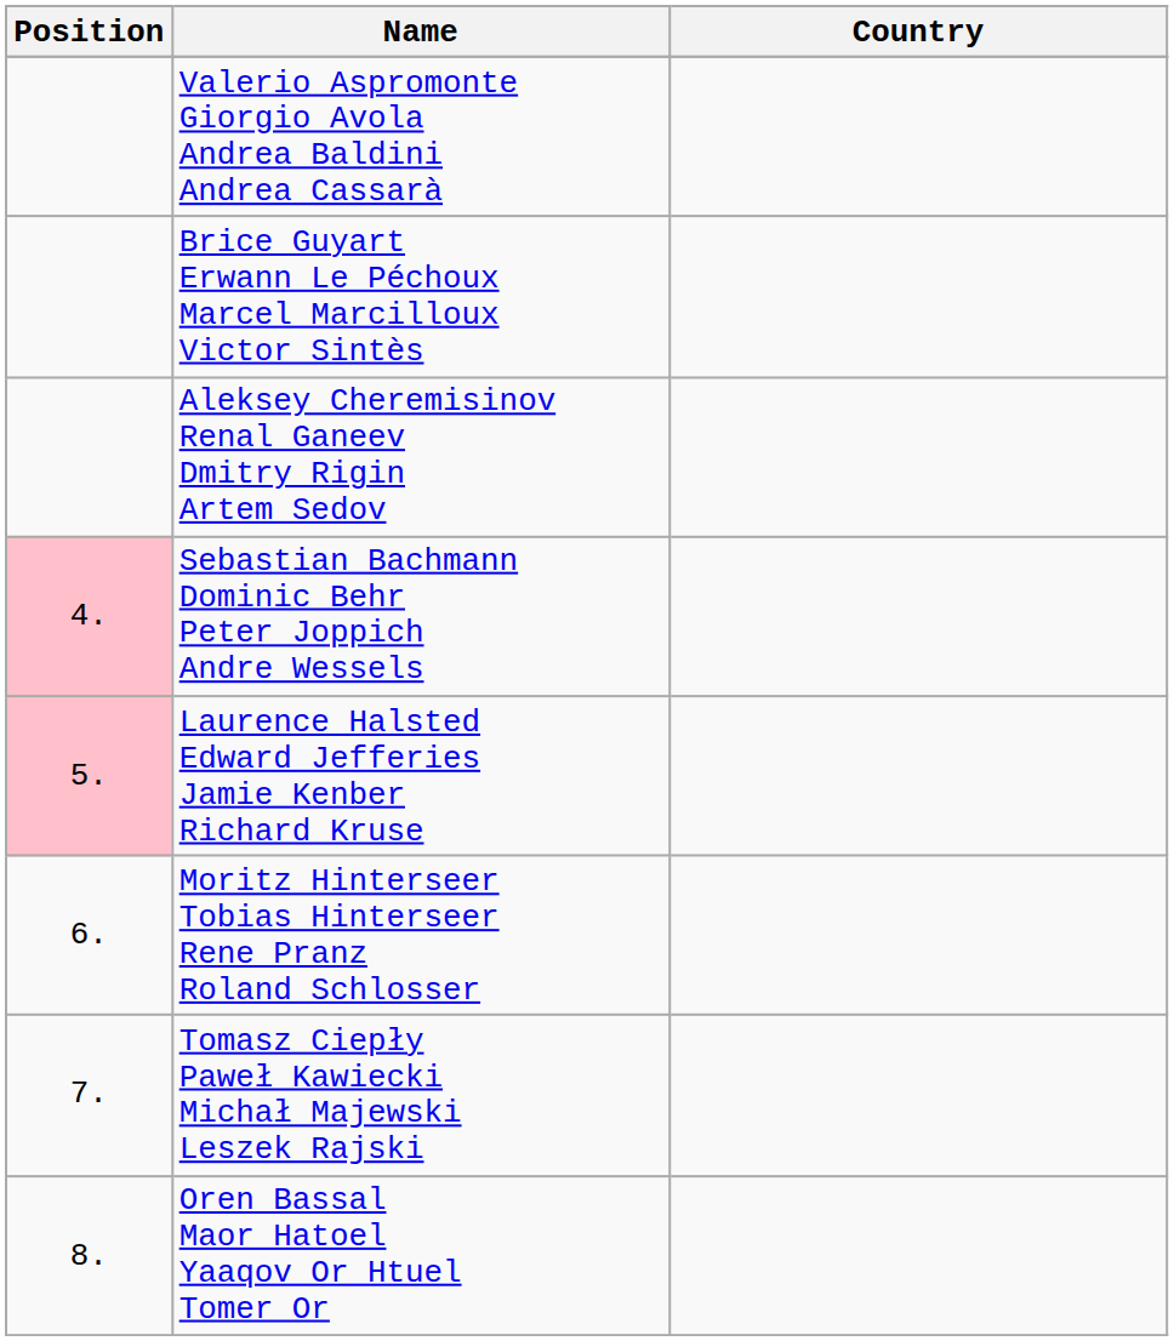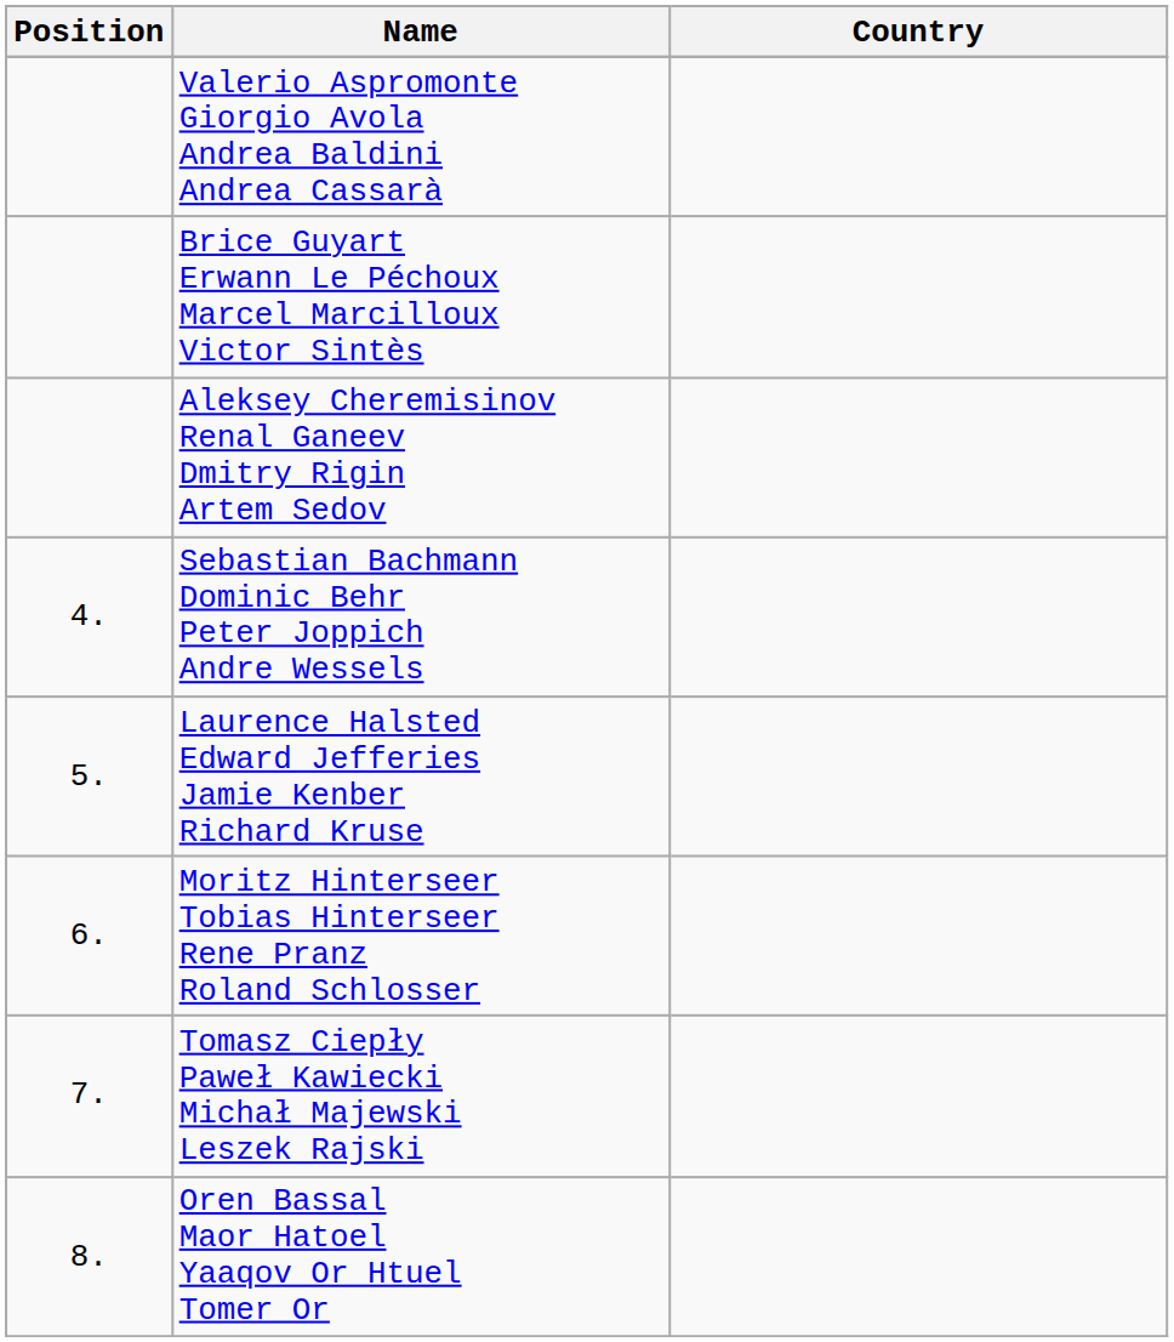 <table class="wikitable">
 <tr>
 <th width="20">Position</th>
 <th width="200">Name</th>
 <th width="200">Country</th>
 </tr>
 <tr>
 </tr>
 <tr>
 <td align="center"></td>
 <td><a href='#'>Valerio Aspromonte</a><br><a href='#'>Giorgio Avola</a><br><a href='#'>Andrea Baldini</a><br><a href='#'>Andrea Cassarà</a></td>
 <td></td>
 </tr>
 <tr>
 <td align="center"></td>
 <td><a href='#'>Brice Guyart</a><br><a href='#'>Erwann Le Péchoux</a><br><a href='#'>Marcel Marcilloux</a><br><a href='#'>Victor Sintès</a></td>
 <td></td>
 </tr>
 <tr>
 <td align="center"></td>
 <td><a href='#'>Aleksey Cheremisinov</a><br><a href='#'>Renal Ganeev</a><br><a href='#'>Dmitry Rigin</a><br><a href='#'>Artem Sedov</a></td>
 <td></td>
 </tr>
 <tr>
-<td align="center" style="background: pink;">4.</td>
+<td align="center">4.</td>
 <td><a href='#'>Sebastian Bachmann</a><br><a href='#'>Dominic Behr</a><br><a href='#'>Peter Joppich</a><br><a href='#'>Andre Wessels</a></td>
 <td></td>
 </tr>
 <tr>
-<td align="center" style="background: pink;">5.</td>
+<td align="center">5.</td>
 <td><a href='#'>Laurence Halsted</a><br><a href='#'>Edward Jefferies</a><br><a href='#'>Jamie Kenber</a><br><a href='#'>Richard Kruse</a></td>
 <td></td>
 </tr>
 <tr>
 <td align="center">6.</td>
 <td><a href='#'>Moritz Hinterseer</a><br><a href='#'>Tobias Hinterseer</a><br><a href='#'>Rene Pranz</a><br><a href='#'>Roland Schlosser</a></td>
 <td></td>
 </tr>
 <tr>
 <td align="center">7.</td>
 <td><a href='#'>Tomasz Ciepły</a><br><a href='#'>Paweł Kawiecki</a><br><a href='#'>Michał Majewski</a><br><a href='#'>Leszek Rajski</a></td>
 <td></td>
 </tr>
 <tr>
 <td align="center">8.</td>
 <td><a href='#'>Oren Bassal</a><br><a href='#'>Maor Hatoel</a><br><a href='#'>Yaaqov Or Htuel</a><br><a href='#'>Tomer Or</a></td>
 <td></td>
 </tr>
 <tr>
 </tr>
 </table>
